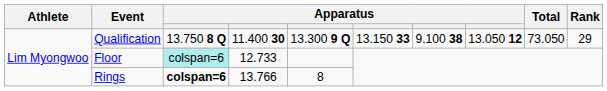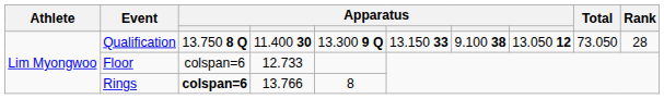 <table class="wikitable" style="font-size:90%">
 <tr>
 <th rowspan=2>Athlete</th>
 <th rowspan=2>Event</th>
 <th colspan =6>Apparatus</th>
 <th rowspan=2>Total</th>
 <th rowspan=2>Rank</th>
 </tr>
 <tr style="font-size:95%">
 <th></th>
 <th></th>
 <th></th>
 <th></th>
 <th></th>
 <th></th>
 </tr>
 <tr align=center>
 <td align=left rowspan=3><a href='#'>Lim Myongwoo</a></td>
 <td align=left><a href='#'>Qualification</a></td>
 <td>13.750	<strong>8 Q	</strong></td>
 <td>11.400	<strong>30</strong></td>
 <td>13.300	<strong>9 Q</strong></td>
 <td>13.150	<strong>33</strong></td>
 <td>9.100	<strong>38</strong></td>
 <td>13.050	<strong>12</strong></td>
 <td>73.050</td>
-<td>29</td>
+<td>28</td>
 </tr>
 <tr align=center>
 <td align=left><a href='#'>Floor</a></td>
-<td style="background: paleturquoise;">colspan=6 </td>
+<td>colspan=6 </td>
 <td>12.733</td>
 <td></td>
 </tr>
 <tr align=center>
 <td align=left><a href='#'>Rings</a></td>
 <td><strong>colspan=6 </strong></td>
 <td>13.766</td>
 <td>8</td>
 </tr>
 </table>
